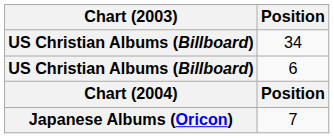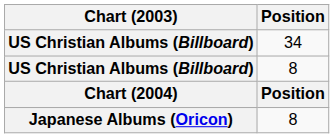 <table class="wikitable sortable plainrowheaders">
 <tr>
 <th scope="col">Chart (2003)</th>
 <th scope="col">Position</th>
 </tr>
 <tr>
 <th scope="row">US Christian Albums (<em>Billboard</em>)</th>
 <td style="text-align:center;">34</td>
 </tr>
 <tr>
 <th scope="row">US Christian Albums (<em>Billboard</em>)</th>
-<td align="center">6</td>
+<td align="center">8</td>
 </tr>
 <tr>
 <th scope="col">Chart (2004)</th>
 <th scope="col">Position</th>
 </tr>
 <tr>
 <th scope="row">Japanese Albums (<a href='#'>Oricon</a>)</th>
-<td align="center">7</td>
+<td align="center">8</td>
 </tr>
 </table>
